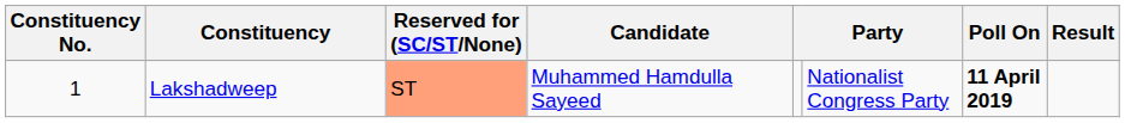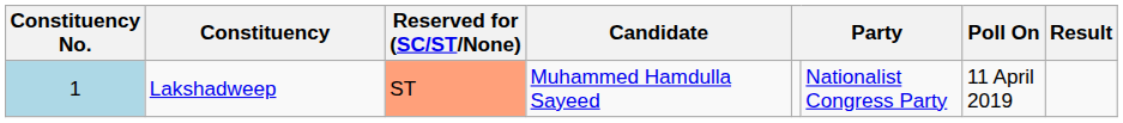 <table class="wikitable sortable">
 <tr>
 <th>Constituency <br> No.</th>
 <th style="width:180px;">Constituency</th>
 <th>Reserved for<br>(<a href='#'>SC/ST</a>/None)</th>
 <th style="width:200px;">Candidate</th>
 <th colspan="2">Party</th>
 <th>Poll On</th>
 <th>Result</th>
 </tr>
 <tr>
-<td style="text-align:center;">1</td>
+<td style="background: lightblue; text-align:center;">1</td>
 <td><a href='#'>Lakshadweep</a></td>
 <td style="background: lightsalmon;">ST</td>
 <td><a href='#'>Muhammed Hamdulla Sayeed</a></td>
 <td bgcolor=></td>
 <td><a href='#'>Nationalist Congress Party</a></td>
-<td><strong>11 April 2019</strong></td>
+<td>11 April 2019</td>
 <td></td>
 </tr>
 </table>
